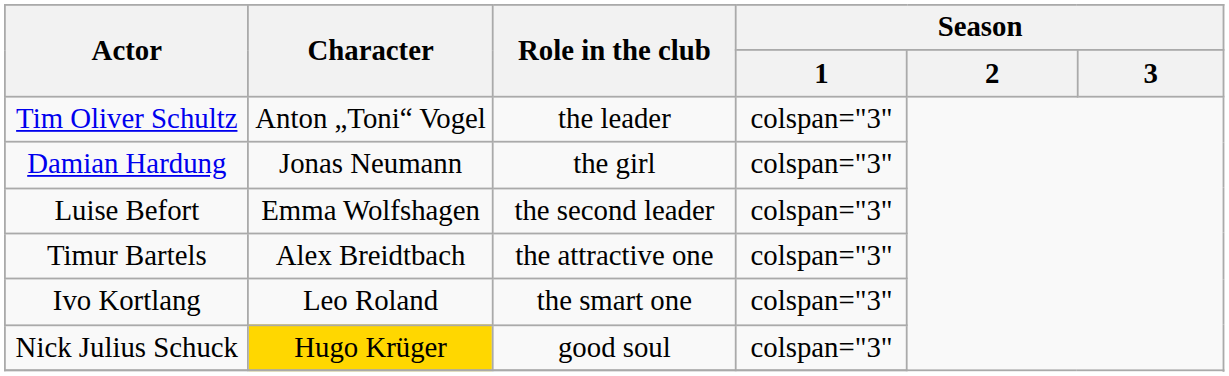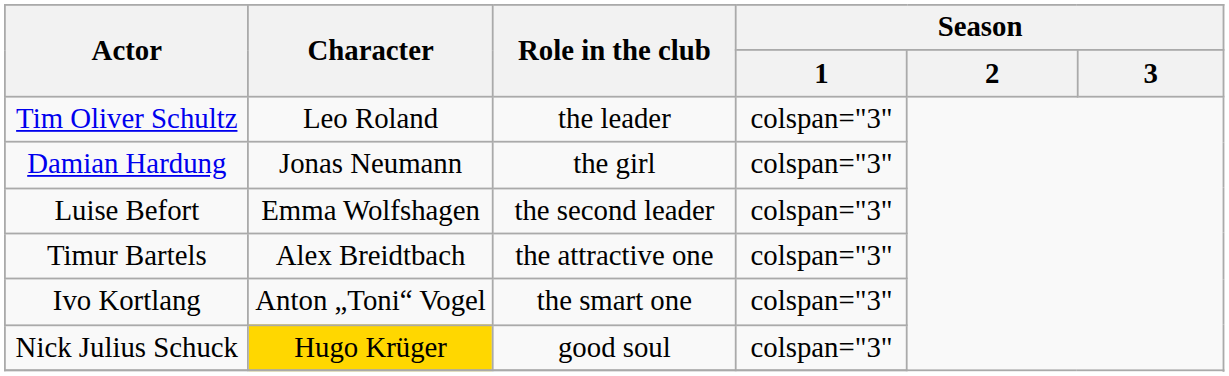 <table class="wikitable plainrowheaders" style="text-align:center">
 <tr>
 <th rowspan="2" style="width:20%;" scope="col">Actor</th>
 <th rowspan="2" style="width:20%;" scope="col">Character</th>
 <th rowspan="2" style="width:20%;" scope="col">Role in the club</th>
 <th colspan="8">Season</th>
 </tr>
 <tr>
 <th style="width:14%;" scope="col">1</th>
 <th style="width:14%;" scope="col">2</th>
 <th style="width:14%;" scope="col">3</th>
 </tr>
 <tr>
 <td><a href='#'>Tim Oliver Schultz</a></td>
-<td>Anton „Toni“ Vogel</td>
+<td>Leo Roland</td>
 <td>the leader</td>
 <td>colspan="3" </td>
 </tr>
 <tr>
 <td><a href='#'>Damian Hardung</a></td>
 <td>Jonas Neumann</td>
 <td>the girl</td>
 <td>colspan="3" </td>
 </tr>
 <tr>
 <td>Luise Befort</td>
 <td>Emma Wolfshagen</td>
 <td>the second leader</td>
 <td>colspan="3" </td>
 </tr>
 <tr>
 <td>Timur Bartels</td>
 <td>Alex Breidtbach</td>
 <td>the attractive one</td>
 <td>colspan="3" </td>
 </tr>
 <tr>
 <td>Ivo Kortlang</td>
-<td>Leo Roland</td>
+<td>Anton „Toni“ Vogel</td>
 <td>the smart one</td>
 <td>colspan="3" </td>
 </tr>
 <tr>
 <td>Nick Julius Schuck</td>
 <td style="background: gold;">Hugo Krüger</td>
 <td>good soul</td>
 <td>colspan="3" </td>
 </tr>
 <tr>
 </tr>
 </table>
